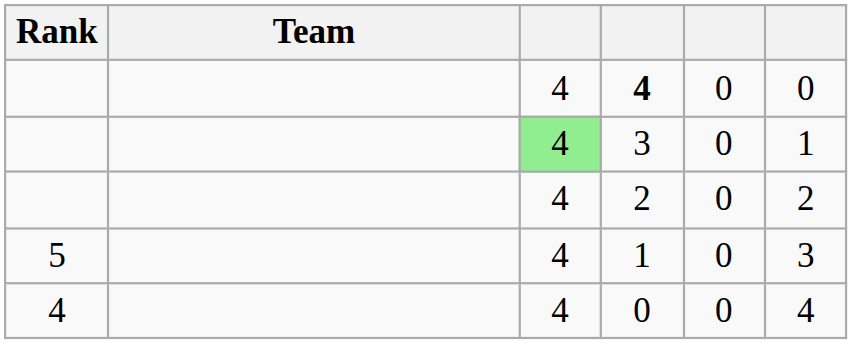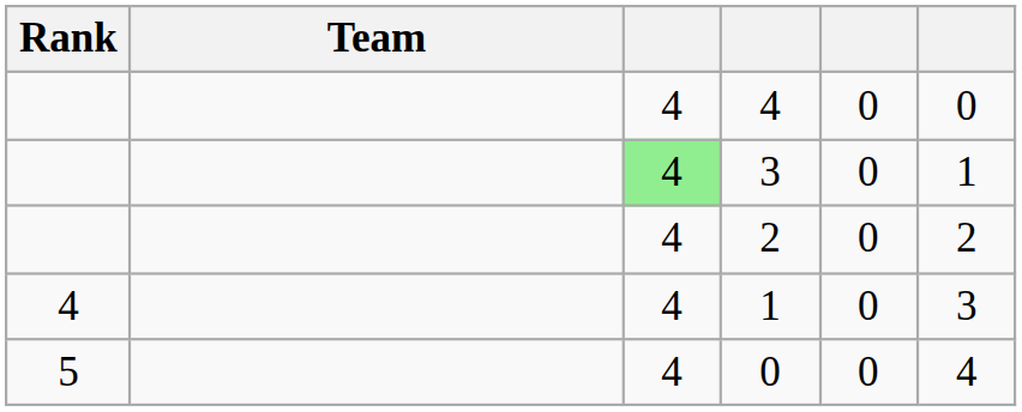 <table class="wikitable" style="text-align: center;">
 <tr>
 <th width=40>Rank</th>
 <th width=180>Team</th>
 <th width=30></th>
 <th width=30></th>
 <th width=30></th>
 <th width=30></th>
 </tr>
 <tr>
 <td></td>
 <td align="left"></td>
 <td>4</td>
-<td><strong>4</strong></td>
+<td>4</td>
 <td>0</td>
 <td>0</td>
 </tr>
 <tr>
 <td></td>
 <td align="left"></td>
 <td style="background: lightgreen;">4</td>
 <td>3</td>
 <td>0</td>
 <td>1</td>
 </tr>
 <tr>
 <td></td>
 <td align="left"></td>
 <td>4</td>
 <td>2</td>
 <td>0</td>
 <td>2</td>
 </tr>
 <tr>
-<td>5</td>
+<td>4</td>
 <td align="left"></td>
 <td>4</td>
 <td>1</td>
 <td>0</td>
 <td>3</td>
 </tr>
 <tr>
-<td>4</td>
+<td>5</td>
 <td align="left"></td>
 <td>4</td>
 <td>0</td>
 <td>0</td>
 <td>4</td>
 </tr>
 </table>
